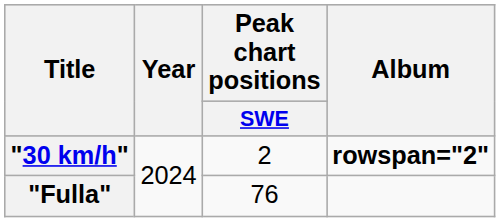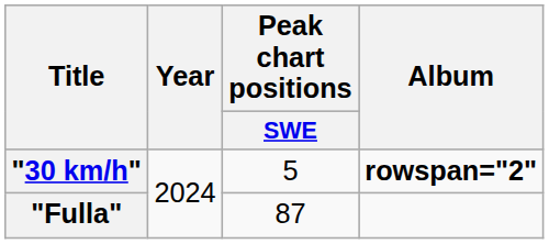 <table class="wikitable plainrowheaders" style="text-align:center;">
 <tr>
 <th scope="col" rowspan="2">Title</th>
 <th scope="col" rowspan="2">Year</th>
 <th scope="col" colspan="1">Peak chart positions</th>
 <th scope="col" rowspan="2">Album</th>
 </tr>
 <tr>
 <th scope="col" style="width:3em;font-size:85%;"><a href='#'>SWE</a><br></th>
 </tr>
 <tr>
 <th scope="row">"<a href='#'>30 km/h</a>"</th>
 <td rowspan="2">2024</td>
-<td>2</td>
+<td>5</td>
 <td><strong>rowspan="2" </strong></td>
 </tr>
 <tr>
 <th scope="row">"Fulla"<br></th>
-<td>76</td>
+<td>87</td>
 </tr>
 </table>
